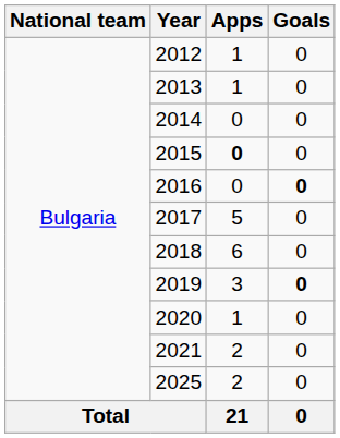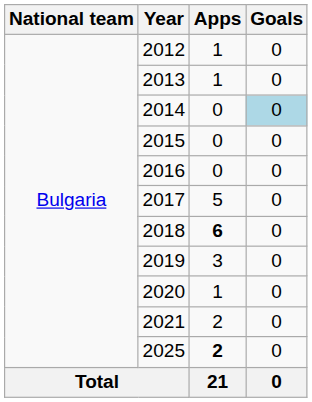 <table class="wikitable" style="text-align:center">
 <tr>
 <th>National team</th>
 <th>Year</th>
 <th>Apps</th>
 <th>Goals</th>
 </tr>
 <tr>
 <td rowspan="11"><a href='#'>Bulgaria</a></td>
 <td>2012</td>
 <td>1</td>
 <td>0</td>
 </tr>
 <tr>
 <td>2013</td>
 <td>1</td>
 <td>0</td>
 </tr>
 <tr>
 <td>2014</td>
 <td>0</td>
-<td>0</td>
+<td style="background: lightblue;">0</td>
 </tr>
 <tr>
 <td>2015</td>
-<td><strong>0</strong></td>
+<td>0</td>
 <td>0</td>
 </tr>
 <tr>
 <td>2016</td>
 <td>0</td>
-<td><strong>0</strong></td>
+<td>0</td>
 </tr>
 <tr>
 <td>2017</td>
 <td>5</td>
 <td>0</td>
 </tr>
 <tr>
 <td>2018</td>
-<td>6</td>
+<td><strong>6</strong></td>
 <td>0</td>
 </tr>
 <tr>
 <td>2019</td>
 <td>3</td>
-<td><strong>0</strong></td>
+<td>0</td>
 </tr>
 <tr>
 <td>2020</td>
 <td>1</td>
 <td>0</td>
 </tr>
 <tr>
 <td>2021</td>
 <td>2</td>
 <td>0</td>
 </tr>
 <tr>
 <td>2025</td>
-<td>2</td>
+<td><strong>2</strong></td>
 <td>0</td>
 </tr>
 <tr>
 <th colspan="2">Total</th>
 <th>21</th>
 <th>0</th>
 </tr>
 </table>
